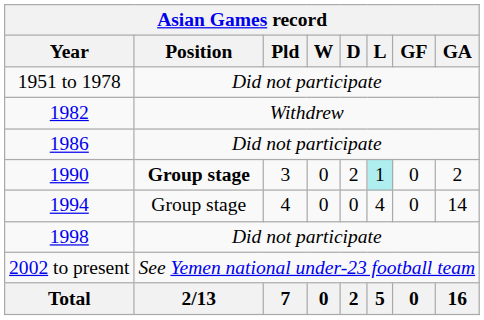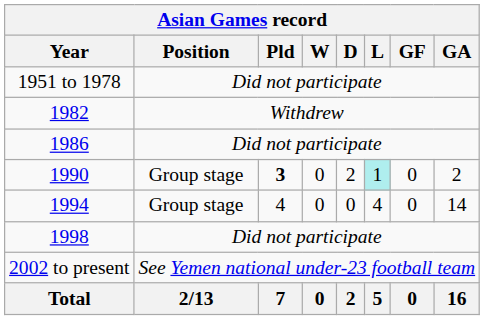 <table class="wikitable" style="text-align: center;">
 <tr>
 <th colspan=9><a href='#'>Asian Games</a> record</th>
 </tr>
 <tr>
 <th>Year</th>
 <th>Position</th>
 <th>Pld</th>
 <th>W</th>
 <th>D</th>
 <th>L</th>
 <th>GF</th>
 <th>GA</th>
 </tr>
 <tr>
 <td>1951 to 1978</td>
 <td colspan=8><em>Did not participate</em></td>
 </tr>
 <tr>
 <td> <a href='#'>1982</a></td>
 <td colspan=8><em>Withdrew</em></td>
 </tr>
 <tr>
 <td> <a href='#'>1986</a></td>
 <td colspan=8><em>Did not participate</em></td>
 </tr>
 <tr>
 <td> <a href='#'>1990</a></td>
-<td><strong>Group stage</strong></td>
-<td>3</td>
+<td>Group stage</td>
+<td><strong>3</strong></td>
 <td>0</td>
 <td>2</td>
 <td style="background: paleturquoise;">1</td>
 <td>0</td>
 <td>2</td>
 </tr>
 <tr>
 <td> <a href='#'>1994</a></td>
 <td>Group stage</td>
 <td>4</td>
 <td>0</td>
 <td>0</td>
 <td>4</td>
 <td>0</td>
 <td>14</td>
 </tr>
 <tr>
 <td> <a href='#'>1998</a></td>
 <td colspan=8><em>Did not participate</em></td>
 </tr>
 <tr>
 <td><a href='#'>2002</a> to present</td>
 <td colspan=8><em>See <a href='#'>Yemen national under-23 football team</a></em></td>
 </tr>
 <tr>
 <th>Total</th>
 <th>2/13</th>
 <th>7</th>
 <th>0</th>
 <th>2</th>
 <th>5</th>
 <th>0</th>
 <th>16</th>
 </tr>
 </table>
